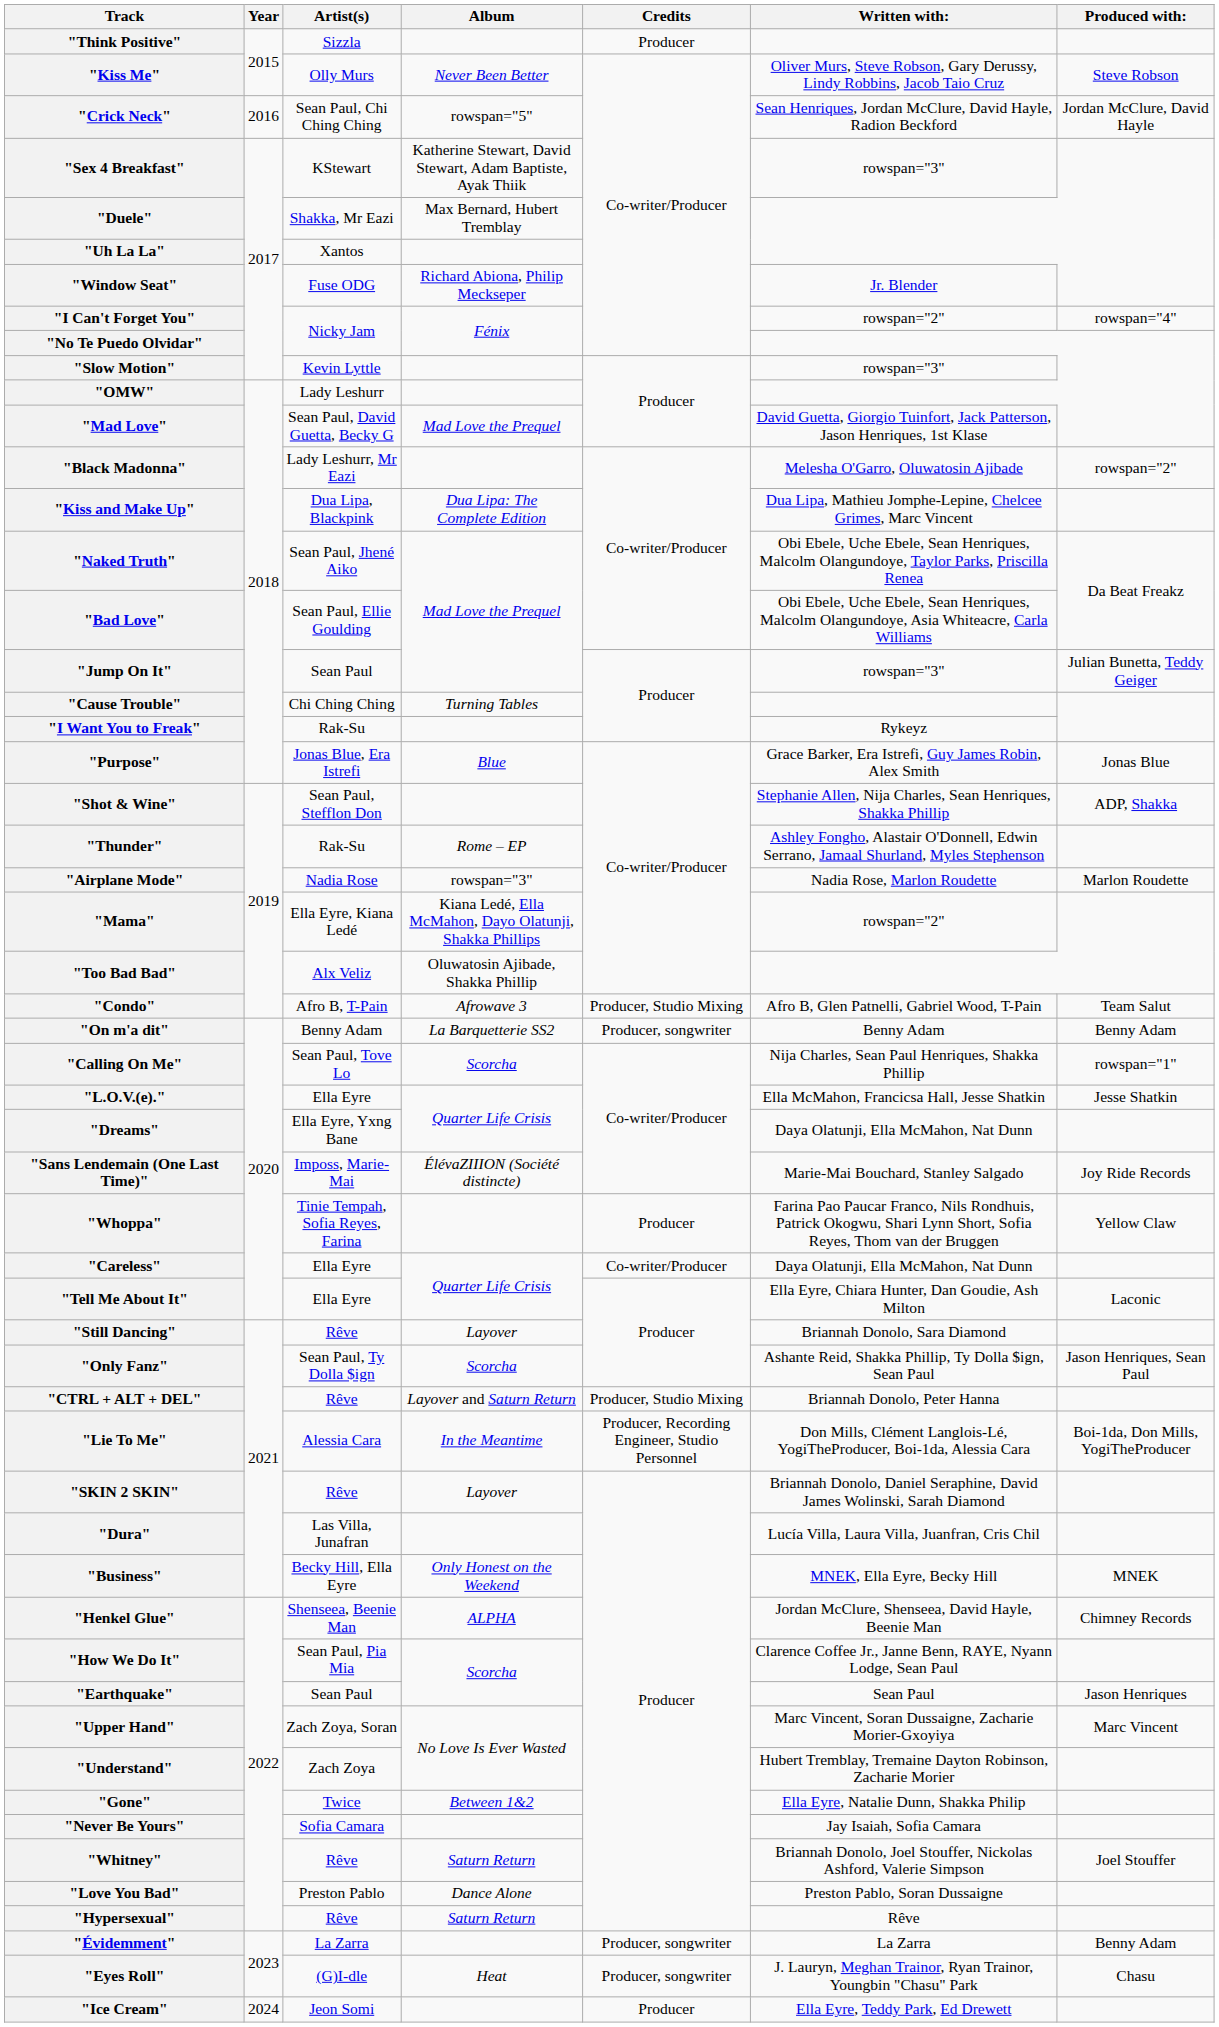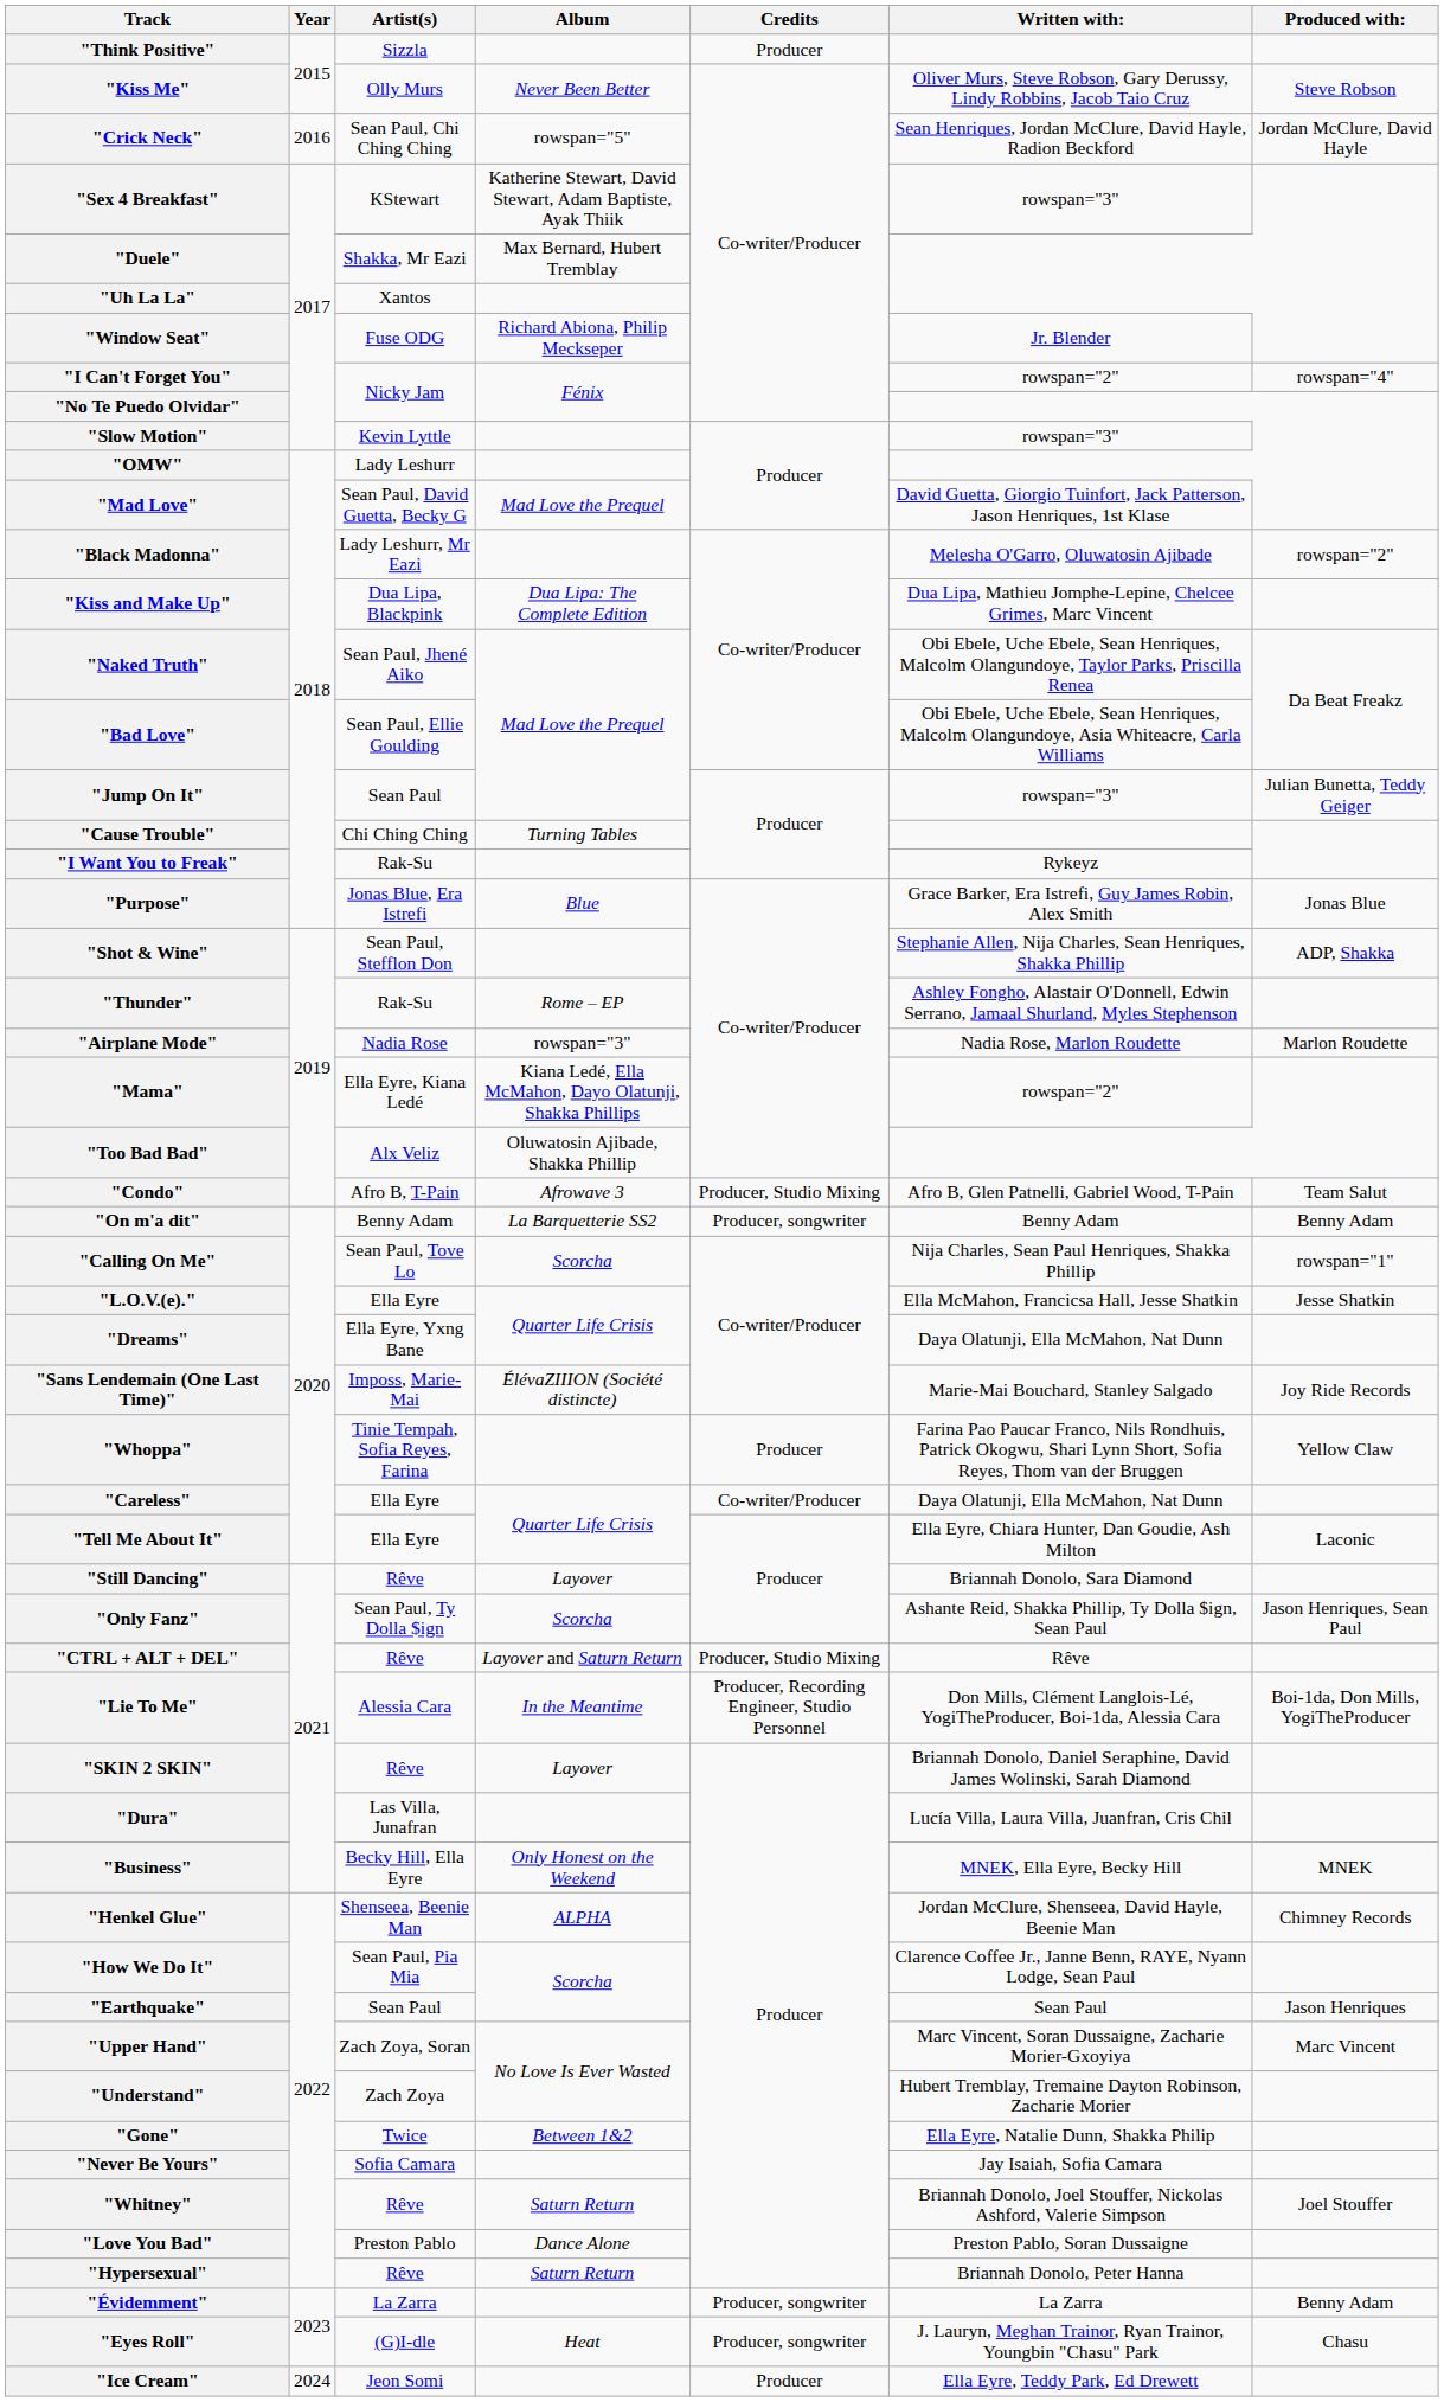 <table class="wikitable plainrowheaders" style="text-align:center;">
 <tr>
 <th scope="col" style="width:15em;">Track</th>
 <th scope="col">Year</th>
 <th scope="col">Artist(s)</th>
 <th scope="col" style="width:180px;">Album</th>
 <th scope="col">Credits</th>
 <th scope="col">Written with:</th>
 <th scope="col">Produced with:</th>
 </tr>
 <tr>
 <th scope="row">"Think Positive"</th>
 <td rowspan="2">2015</td>
 <td><a href='#'>Sizzla</a></td>
 <td></td>
 <td>Producer</td>
 <td></td>
 <td></td>
 </tr>
 <tr>
 <th scope="row">"<a href='#'>Kiss Me</a>"</th>
 <td><a href='#'>Olly Murs</a></td>
 <td><em><a href='#'>Never Been Better</a></em></td>
 <td rowspan="8">Co-writer/Producer</td>
 <td><a href='#'>Oliver Murs</a>, <a href='#'>Steve Robson</a>, Gary Derussy, <a href='#'>Lindy Robbins</a>, <a href='#'>Jacob Taio Cruz</a></td>
 <td><a href='#'>Steve Robson</a></td>
 </tr>
 <tr>
 <th scope="row">"<a href='#'>Crick Neck</a>"</th>
 <td>2016</td>
 <td>Sean Paul, Chi Ching Ching</td>
 <td>rowspan="5" </td>
 <td><a href='#'>Sean Henriques</a>, Jordan McClure, David Hayle, Radion Beckford</td>
 <td>Jordan McClure, David Hayle</td>
 </tr>
 <tr>
 <th scope="row">"Sex 4 Breakfast"</th>
 <td rowspan="7">2017</td>
 <td>KStewart</td>
 <td>Katherine Stewart, David Stewart, Adam Baptiste, Ayak Thiik</td>
 <td>rowspan="3" </td>
 </tr>
 <tr>
 <th scope="row">"Duele"</th>
 <td><a href='#'>Shakka</a>, Mr Eazi</td>
 <td>Max Bernard, Hubert Tremblay</td>
 </tr>
 <tr>
 <th scope="row">"Uh La La"</th>
 <td>Xantos</td>
 <td></td>
 </tr>
 <tr>
 <th scope="row">"Window Seat"</th>
 <td><a href='#'>Fuse ODG</a></td>
 <td><a href='#'>Richard Abiona</a>, <a href='#'>Philip Meckseper</a></td>
 <td><a href='#'>Jr. Blender</a></td>
 </tr>
 <tr>
 <th scope="row">"I Can't Forget You"</th>
 <td rowspan="2"><a href='#'>Nicky Jam</a></td>
 <td rowspan="2"><em><a href='#'>Fénix</a></em></td>
 <td>rowspan="2" </td>
 <td>rowspan="4" </td>
 </tr>
 <tr>
 <th scope="row">"No Te Puedo Olvidar"</th>
 </tr>
 <tr>
 <th scope="row">"Slow Motion"</th>
 <td><a href='#'>Kevin Lyttle</a></td>
 <td></td>
 <td rowspan="3">Producer</td>
 <td>rowspan="3" </td>
 </tr>
 <tr>
 <th scope="row">"OMW"</th>
 <td rowspan="10">2018</td>
 <td>Lady Leshurr</td>
 <td></td>
 </tr>
 <tr>
 <th scope="row">"<a href='#'>Mad Love</a>"</th>
 <td>Sean Paul, <a href='#'>David Guetta</a>, <a href='#'>Becky G</a></td>
 <td><em><a href='#'>Mad Love the Prequel</a></em></td>
 <td><a href='#'>David Guetta</a>, <a href='#'>Giorgio Tuinfort</a>, <a href='#'>Jack Patterson</a>, Jason Henriques, 1st Klase</td>
 </tr>
 <tr>
 <th scope="row">"Black Madonna"</th>
 <td>Lady Leshurr, <a href='#'>Mr Eazi</a></td>
 <td></td>
 <td rowspan="4">Co-writer/Producer</td>
 <td><a href='#'>Melesha O'Garro</a>, <a href='#'>Oluwatosin Ajibade</a></td>
 <td>rowspan="2" </td>
 </tr>
 <tr>
 <th scope="row">"<a href='#'>Kiss and Make Up</a>"</th>
 <td><a href='#'>Dua Lipa</a>, <a href='#'>Blackpink</a></td>
 <td><em><a href='#'>Dua Lipa: The<br>Complete Edition</a></em></td>
 <td><a href='#'>Dua Lipa</a>, Mathieu Jomphe-Lepine, <a href='#'>Chelcee Grimes</a>, Marc Vincent</td>
 </tr>
 <tr>
 <th scope="row">"<a href='#'>Naked Truth</a>"</th>
 <td>Sean Paul, <a href='#'>Jhené Aiko</a></td>
 <td rowspan="3"><em><a href='#'>Mad Love the Prequel</a></em></td>
 <td>Obi Ebele, Uche Ebele, Sean Henriques, Malcolm Olangundoye, <a href='#'>Taylor Parks</a>, <a href='#'>Priscilla Renea</a></td>
 <td rowspan="2">Da Beat Freakz</td>
 </tr>
 <tr>
 <th scope="row">"<a href='#'>Bad Love</a>"</th>
 <td>Sean Paul, <a href='#'>Ellie Goulding</a></td>
 <td>Obi Ebele, Uche Ebele, Sean Henriques, Malcolm Olangundoye, Asia Whiteacre, <a href='#'>Carla Williams</a></td>
 </tr>
 <tr>
 <th scope="row">"Jump On It"</th>
 <td>Sean Paul</td>
 <td rowspan="3">Producer</td>
 <td>rowspan="3" </td>
 <td>Julian Bunetta, <a href='#'>Teddy Geiger</a></td>
 </tr>
 <tr>
 <th scope="row">"Cause Trouble"</th>
 <td>Chi Ching Ching</td>
 <td><em>Turning Tables</em></td>
 <td></td>
 </tr>
 <tr>
 <th scope="row">"<a href='#'>I Want You to Freak</a>"</th>
 <td>Rak-Su</td>
 <td></td>
 <td>Rykeyz</td>
 </tr>
 <tr>
 <th scope="row">"Purpose"</th>
 <td><a href='#'>Jonas Blue</a>, <a href='#'>Era Istrefi</a></td>
 <td><em><a href='#'>Blue</a></em></td>
 <td rowspan="6">Co-writer/Producer</td>
 <td>Grace Barker, Era Istrefi, <a href='#'>Guy James Robin</a>, Alex Smith</td>
 <td>Jonas Blue</td>
 </tr>
 <tr>
 <th scope="row">"Shot & Wine"</th>
 <td rowspan="6">2019</td>
 <td>Sean Paul, <a href='#'>Stefflon Don</a></td>
 <td></td>
 <td><a href='#'>Stephanie Allen</a>, Nija Charles, Sean Henriques, <a href='#'>Shakka Phillip</a></td>
 <td>ADP, <a href='#'>Shakka</a></td>
 </tr>
 <tr>
 <th scope="row">"Thunder"</th>
 <td>Rak-Su</td>
 <td><em>Rome – EP</em></td>
 <td><a href='#'>Ashley Fongho</a>, Alastair O'Donnell, Edwin Serrano, <a href='#'>Jamaal Shurland</a>, <a href='#'>Myles Stephenson</a></td>
 <td></td>
 </tr>
 <tr>
 <th scope="row">"Airplane Mode"</th>
 <td><a href='#'>Nadia Rose</a></td>
 <td>rowspan="3" </td>
 <td>Nadia Rose, <a href='#'>Marlon Roudette</a></td>
 <td>Marlon Roudette</td>
 </tr>
 <tr>
 <th scope="row">"Mama"</th>
 <td>Ella Eyre, Kiana Ledé</td>
 <td>Kiana Ledé, <a href='#'>Ella McMahon</a>, <a href='#'>Dayo Olatunji</a>, <a href='#'>Shakka Phillips</a></td>
 <td>rowspan="2" </td>
 </tr>
 <tr>
 <th scope="row">"Too Bad Bad"</th>
 <td><a href='#'>Alx Veliz</a></td>
 <td>Oluwatosin Ajibade, Shakka Phillip</td>
 </tr>
 <tr>
 <th scope="row">"Condo"</th>
 <td>Afro B, <a href='#'>T-Pain</a></td>
 <td><em>Afrowave 3</em></td>
 <td>Producer, Studio Mixing</td>
 <td>Afro B, Glen Patnelli, Gabriel Wood, T-Pain</td>
 <td>Team Salut</td>
 </tr>
 <tr>
 <th scope="row">"On m'a dit"</th>
 <td rowspan="8">2020</td>
 <td>Benny Adam</td>
 <td><em>La Barquetterie SS2</em></td>
 <td>Producer, songwriter</td>
 <td>Benny Adam</td>
 <td>Benny Adam</td>
 </tr>
 <tr>
 <th scope="row">"Calling On Me"</th>
 <td>Sean Paul, <a href='#'>Tove Lo</a></td>
 <td><em><a href='#'>Scorcha</a></em></td>
 <td rowspan="4">Co-writer/Producer</td>
 <td>Nija Charles, Sean Paul Henriques, Shakka Phillip</td>
 <td>rowspan="1" </td>
 </tr>
 <tr>
 <th scope="row">"L.O.V.(e)."</th>
 <td>Ella Eyre</td>
 <td rowspan="2"><em><a href='#'>Quarter Life Crisis</a></em></td>
 <td>Ella McMahon, Francicsa Hall, Jesse Shatkin</td>
 <td>Jesse Shatkin</td>
 </tr>
 <tr>
 <th scope="row">"Dreams"</th>
 <td>Ella Eyre, Yxng Bane</td>
 <td>Daya Olatunji, Ella McMahon, Nat Dunn</td>
 <td></td>
 </tr>
 <tr>
 <th scope="row">"Sans Lendemain (One Last Time)"</th>
 <td><a href='#'>Imposs</a>, <a href='#'>Marie-Mai</a></td>
 <td><em>ÉlévaZIIION (Société distincte)</em></td>
 <td>Marie-Mai Bouchard, Stanley Salgado</td>
 <td>Joy Ride Records</td>
 </tr>
 <tr>
 <th scope="row">"Whoppa"</th>
 <td><a href='#'>Tinie Tempah</a>, <a href='#'>Sofia Reyes</a>, <a href='#'>Farina</a></td>
 <td></td>
 <td rowspan="1">Producer</td>
 <td>Farina Pao Paucar Franco, Nils Rondhuis, Patrick Okogwu, Shari Lynn Short, Sofia Reyes, Thom van der Bruggen</td>
 <td>Yellow Claw</td>
 </tr>
 <tr>
 <th scope="row">"Careless"</th>
 <td>Ella Eyre</td>
 <td rowspan="2"><em><a href='#'>Quarter Life Crisis</a></em></td>
 <td rowspan="1">Co-writer/Producer</td>
 <td>Daya Olatunji, Ella McMahon, Nat Dunn</td>
 <td></td>
 </tr>
 <tr>
 <th scope="row">"Tell Me About It"</th>
 <td>Ella Eyre</td>
 <td rowspan="3">Producer</td>
 <td>Ella Eyre, Chiara Hunter, Dan Goudie, Ash Milton</td>
 <td>Laconic</td>
 </tr>
 <tr>
 <th scope="row">"Still Dancing"</th>
 <td rowspan="7">2021</td>
 <td><a href='#'>Rêve</a></td>
 <td><em>Layover</em></td>
 <td>Briannah Donolo, Sara Diamond</td>
 <td></td>
 </tr>
 <tr>
 <th scope="row">"Only Fanz"</th>
 <td>Sean Paul, <a href='#'>Ty Dolla $ign</a></td>
 <td><em><a href='#'>Scorcha</a></em></td>
 <td>Ashante Reid, Shakka Phillip, Ty Dolla $ign, Sean Paul</td>
 <td>Jason Henriques, Sean Paul</td>
 </tr>
 <tr>
 <th scope="row">"CTRL + ALT + DEL"</th>
 <td><a href='#'>Rêve</a></td>
 <td><em>Layover</em> and <em><a href='#'>Saturn Return</a></em></td>
 <td>Producer, Studio Mixing</td>
-<td>Briannah Donolo, Peter Hanna</td>
+<td>Rêve</td>
 <td></td>
 </tr>
 <tr>
 <th scope="row">"Lie To Me"</th>
 <td><a href='#'>Alessia Cara</a></td>
 <td><em><a href='#'>In the Meantime</a></em></td>
 <td>Producer, Recording Engineer, Studio Personnel</td>
 <td>Don Mills, Clément Langlois-Lé, YogiTheProducer, Boi-1da, Alessia Cara</td>
 <td>Boi-1da, Don Mills, YogiTheProducer</td>
 </tr>
 <tr>
 <th scope="row">"SKIN 2 SKIN"</th>
 <td><a href='#'>Rêve</a></td>
 <td><em>Layover</em></td>
 <td rowspan="13">Producer</td>
 <td>Briannah Donolo, Daniel Seraphine, David James Wolinski, Sarah Diamond</td>
 <td></td>
 </tr>
 <tr>
 <th scope="row">"Dura"</th>
 <td>Las Villa, Junafran</td>
 <td></td>
 <td>Lucía Villa, Laura Villa, Juanfran, Cris Chil</td>
 <td></td>
 </tr>
 <tr>
 <th scope="row">"Business"</th>
 <td><a href='#'>Becky Hill</a>, Ella Eyre</td>
 <td><em><a href='#'>Only Honest on the Weekend</a></em></td>
 <td><a href='#'>MNEK</a>, Ella Eyre, Becky Hill</td>
 <td>MNEK</td>
 </tr>
 <tr>
 <th scope="row">"Henkel Glue"</th>
 <td rowspan="10">2022</td>
 <td><a href='#'>Shenseea</a>, <a href='#'>Beenie Man</a></td>
 <td><em><a href='#'>ALPHA</a></em></td>
 <td>Jordan McClure, Shenseea, David Hayle, Beenie Man</td>
 <td>Chimney Records</td>
 </tr>
 <tr>
 <th scope="row">"How We Do It"</th>
 <td>Sean Paul, <a href='#'>Pia Mia</a></td>
 <td rowspan="2"><em><a href='#'>Scorcha</a></em></td>
 <td>Clarence Coffee Jr., Janne Benn, RAYE, Nyann Lodge, Sean Paul</td>
 <td></td>
 </tr>
 <tr>
 <th scope="row">"Earthquake"</th>
 <td>Sean Paul</td>
 <td>Sean Paul</td>
 <td>Jason Henriques</td>
 </tr>
 <tr>
 <th scope="row">"Upper Hand"</th>
 <td>Zach Zoya, Soran</td>
 <td rowspan="2"><em>No Love Is Ever Wasted</em></td>
 <td>Marc Vincent, Soran Dussaigne, Zacharie Morier-Gxoyiya</td>
 <td>Marc Vincent</td>
 </tr>
 <tr>
 <th scope="row">"Understand"</th>
 <td>Zach Zoya</td>
 <td>Hubert Tremblay, Tremaine Dayton Robinson, Zacharie Morier</td>
 <td></td>
 </tr>
 <tr>
 <th scope="row">"Gone"</th>
 <td><a href='#'>Twice</a></td>
 <td><em><a href='#'>Between 1&2</a></em></td>
 <td><a href='#'>Ella Eyre</a>, Natalie Dunn, Shakka Philip</td>
 <td></td>
 </tr>
 <tr>
 <th scope="row">"Never Be Yours"</th>
 <td><a href='#'>Sofia Camara</a></td>
 <td></td>
 <td>Jay Isaiah, Sofia Camara</td>
 <td></td>
 </tr>
 <tr>
 <th scope="row">"Whitney"</th>
 <td><a href='#'>Rêve</a></td>
 <td><em><a href='#'>Saturn Return</a></em></td>
 <td>Briannah Donolo, Joel Stouffer, Nickolas Ashford, Valerie Simpson</td>
 <td>Joel Stouffer</td>
 </tr>
 <tr>
 <th scope="row">"Love You Bad"</th>
 <td>Preston Pablo</td>
 <td><em>Dance Alone</em></td>
 <td>Preston Pablo, Soran Dussaigne</td>
 <td></td>
 </tr>
 <tr>
 <th scope="row">"Hypersexual"</th>
 <td><a href='#'>Rêve</a></td>
 <td><em><a href='#'>Saturn Return</a></em></td>
-<td>Rêve</td>
+<td>Briannah Donolo, Peter Hanna</td>
 <td></td>
 </tr>
 <tr>
 <th scope="row">"<a href='#'>Évidemment</a>"</th>
 <td rowspan="2">2023</td>
 <td><a href='#'>La Zarra</a></td>
 <td></td>
 <td>Producer, songwriter</td>
 <td>La Zarra</td>
 <td>Benny Adam</td>
 </tr>
 <tr>
 <th scope="row">"Eyes Roll"</th>
 <td><a href='#'>(G)I-dle</a></td>
 <td><em>Heat</em></td>
 <td>Producer, songwriter</td>
 <td>J. Lauryn, <a href='#'>Meghan Trainor</a>, Ryan Trainor, Youngbin "Chasu" Park</td>
 <td>Chasu</td>
 </tr>
 <tr>
 <th scope="row">"Ice Cream"</th>
 <td>2024</td>
 <td><a href='#'>Jeon Somi</a></td>
 <td></td>
 <td>Producer</td>
 <td><a href='#'>Ella Eyre</a>, <a href='#'>Teddy Park</a>, <a href='#'>Ed Drewett</a></td>
 <td></td>
 </tr>
 </table>
